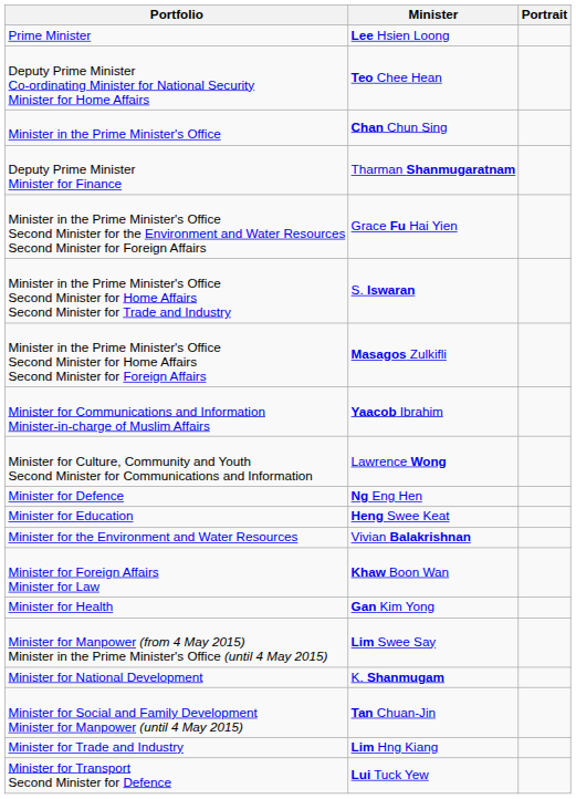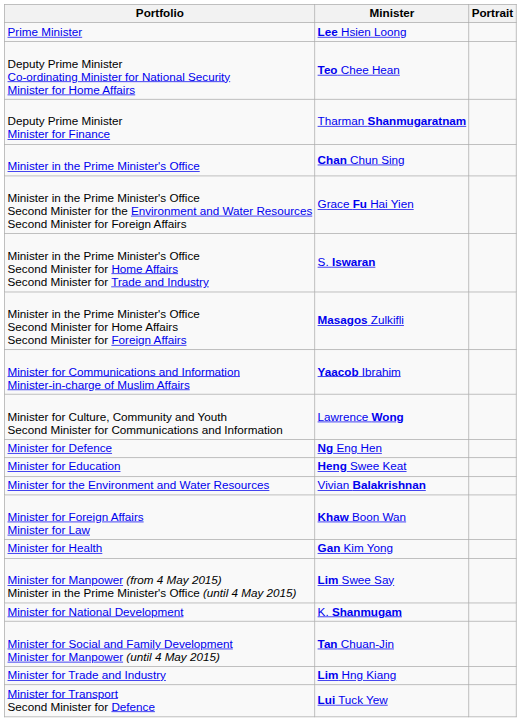 <table class="wikitable" style="margin: 1em auto 1em auto">
 <tr>
 <th>Portfolio</th>
 <th>Minister</th>
 <th>Portrait</th>
 </tr>
 <tr>
 <td><a href='#'>Prime Minister</a></td>
 <td><a href='#'><strong>Lee</strong> Hsien Loong</a></td>
 <td></td>
 </tr>
 <tr>
 <td><br>Deputy Prime Minister<br> <a href='#'>Co-ordinating Minister for National Security</a><br> <a href='#'>Minister for Home Affairs</a></td>
 <td><a href='#'><strong>Teo</strong> Chee Hean</a></td>
 <td></td>
 </tr>
 <tr>
-<td><br><a href='#'>Minister in the Prime Minister's Office</a></td>
-<td><a href='#'><strong>Chan</strong> Chun Sing</a></td>
+<td><br>Deputy Prime Minister<br> <a href='#'>Minister for Finance</a><br></td>
+<td><a href='#'>Tharman <strong>Shanmugaratnam</strong></a></td>
 <td></td>
 </tr>
 <tr>
-<td><br>Deputy Prime Minister<br> <a href='#'>Minister for Finance</a><br></td>
-<td><a href='#'>Tharman <strong>Shanmugaratnam</strong></a></td>
+<td><br><a href='#'>Minister in the Prime Minister's Office</a></td>
+<td><a href='#'><strong>Chan</strong> Chun Sing</a></td>
 <td></td>
 </tr>
 <tr>
 <td><br>Minister in the Prime Minister's Office<br> Second Minister for the <a href='#'>Environment and Water Resources</a><br> Second Minister for Foreign Affairs</td>
 <td><a href='#'>Grace <strong>Fu</strong> Hai Yien</a></td>
 <td></td>
 </tr>
 <tr>
 <td><br>Minister in the Prime Minister's Office<br> Second Minister for <a href='#'>Home Affairs</a><br> Second Minister for <a href='#'>Trade and Industry</a></td>
 <td><a href='#'>S. <strong>Iswaran</strong></a></td>
 <td></td>
 </tr>
 <tr>
 <td><br>Minister in the Prime Minister's Office<br> Second Minister for Home Affairs<br> Second Minister for <a href='#'>Foreign Affairs</a></td>
 <td><a href='#'><strong>Masagos</strong> Zulkifli</a></td>
 <td></td>
 </tr>
 <tr>
 <td><br><a href='#'>Minister for Communications and Information</a><br> <a href='#'>Minister-in-charge of Muslim Affairs</a></td>
 <td><a href='#'><strong>Yaacob</strong> Ibrahim</a></td>
 <td></td>
 </tr>
 <tr>
 <td><br>Minister for Culture, Community and Youth<br> Second Minister for Communications and Information</td>
 <td><a href='#'>Lawrence <strong>Wong</strong></a></td>
 <td></td>
 </tr>
 <tr>
 <td><a href='#'>Minister for Defence</a></td>
 <td><a href='#'><strong>Ng</strong> Eng Hen</a></td>
 <td></td>
 </tr>
 <tr>
 <td><a href='#'>Minister for Education</a></td>
 <td><a href='#'><strong>Heng</strong> Swee Keat</a></td>
 <td></td>
 </tr>
 <tr>
 <td><a href='#'>Minister for the Environment and Water Resources</a></td>
 <td><a href='#'>Vivian <strong>Balakrishnan</strong></a></td>
 <td></td>
 </tr>
 <tr>
 <td><br><a href='#'>Minister for Foreign Affairs</a><br> <a href='#'>Minister for Law</a></td>
 <td><a href='#'><strong>Khaw</strong> Boon Wan</a></td>
 <td></td>
 </tr>
 <tr>
 <td><a href='#'>Minister for Health</a></td>
 <td><a href='#'><strong>Gan</strong> Kim Yong</a></td>
 <td></td>
 </tr>
 <tr>
 <td><br><a href='#'>Minister for Manpower</a> <em>(from 4 May 2015)</em><br> Minister in the Prime Minister's Office <em>(until 4 May 2015)</em></td>
 <td><a href='#'><strong>Lim</strong> Swee Say</a></td>
 <td></td>
 </tr>
 <tr>
 <td><a href='#'>Minister for National Development</a></td>
 <td><a href='#'>K. <strong>Shanmugam</strong></a></td>
 <td></td>
 </tr>
 <tr>
 <td><br><a href='#'>Minister for Social and Family Development</a><br> <a href='#'>Minister for Manpower</a> <em>(until 4 May 2015)</em></td>
 <td><a href='#'><strong>Tan</strong> Chuan-Jin</a></td>
 <td></td>
 </tr>
 <tr>
 <td><a href='#'>Minister for Trade and Industry</a></td>
 <td><a href='#'><strong>Lim</strong> Hng Kiang</a></td>
 <td></td>
 </tr>
 <tr>
 <td><a href='#'>Minister for Transport</a><br>Second Minister for <a href='#'>Defence</a></td>
 <td><a href='#'><strong>Lui</strong> Tuck Yew</a></td>
 <td></td>
 </tr>
 </table>
